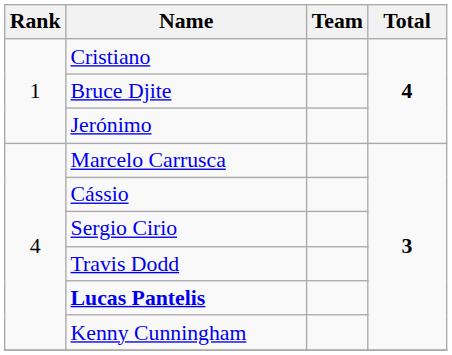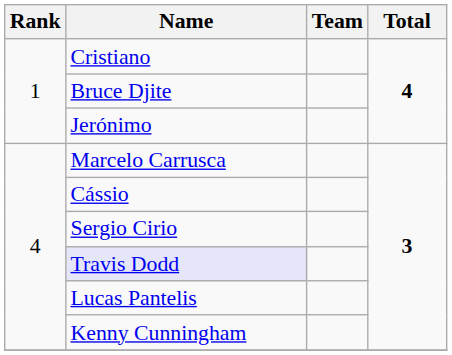 <table class="wikitable" style="text-align:center;">
 <tr>
 <th width=>Rank</th>
 <th width=170>Name</th>
 <th width=25>Team</th>
 <th width=50>Total</th>
 </tr>
 <tr>
 <td rowspan=3>1</td>
 <td align=left> <a href='#'>Cristiano</a></td>
 <td></td>
 <td rowspan=3><strong>4</strong></td>
 </tr>
 <tr>
 <td align=left> <a href='#'>Bruce Djite</a></td>
 <td></td>
 </tr>
 <tr>
 <td align=left> <a href='#'>Jerónimo</a></td>
 <td></td>
 </tr>
 <tr>
 <td rowspan=6>4</td>
 <td align=left> <a href='#'>Marcelo Carrusca</a></td>
 <td></td>
 <td rowspan=6><strong>3</strong></td>
 </tr>
 <tr>
 <td align=left> <a href='#'>Cássio</a></td>
 <td></td>
 </tr>
 <tr>
 <td align=left> <a href='#'>Sergio Cirio</a></td>
 <td></td>
 </tr>
 <tr>
-<td align=left> <a href='#'>Travis Dodd</a></td>
+<td align=left style="background: lavender;"> <a href='#'>Travis Dodd</a></td>
 <td></td>
 </tr>
 <tr>
-<td align=left><strong> <a href='#'>Lucas Pantelis</a></strong></td>
+<td align=left> <a href='#'>Lucas Pantelis</a></td>
 <td></td>
 </tr>
 <tr>
 <td align=left> <a href='#'>Kenny Cunningham</a></td>
 <td></td>
 </tr>
 <tr>
 </tr>
 </table>
